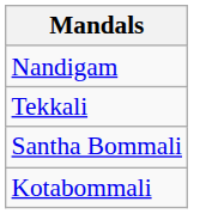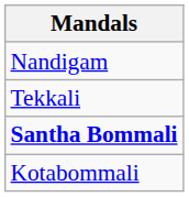 <table class="wikitable sortable static-row-numbers static-row-header-hash">
 <tr>
 <th>Mandals</th>
 </tr>
 <tr>
 <td><a href='#'>Nandigam</a></td>
 </tr>
 <tr>
 <td><a href='#'>Tekkali</a></td>
 </tr>
 <tr>
-<td><a href='#'>Santha Bommali</a></td>
+<td><strong><a href='#'>Santha Bommali</a></strong></td>
 </tr>
 <tr>
 <td><a href='#'>Kotabommali</a></td>
 </tr>
 </table>
